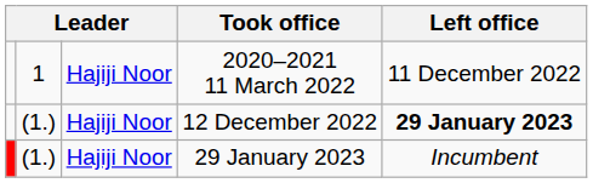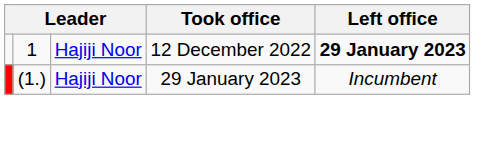 <table class="wikitable" style="text-align: center;">
 <tr>
 <th colspan="3">Leader</th>
 <th>Took office</th>
 <th>Left office</th>
 </tr>
 <tr>
 <td style="background: "></td>
 <td>1</td>
-<td><a href='#'>Hajiji Noor</a> <br> </td>
-<td>2020–2021  <br> 11 March 2022 </td>
-<td>11 December 2022</td>
-</tr>
-<tr>
-<td style="background: "></td>
-<td>(1.)</td>
 <td><a href='#'>Hajiji Noor</a></td>
 <td>12 December 2022</td>
 <td><strong>29 January 2023</strong></td>
 </tr>
 <tr>
 <td style="background: red; color: white"></td>
 <td>(1.)</td>
 <td><a href='#'>Hajiji Noor</a></td>
 <td>29 January 2023</td>
 <td><em>Incumbent</em></td>
 </tr>
 </table>
